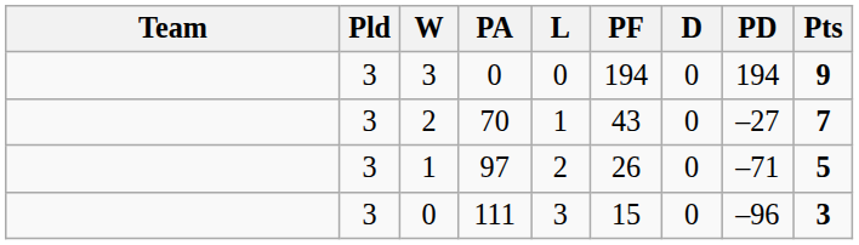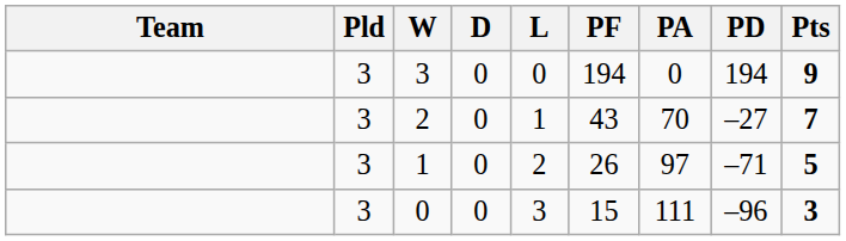 <table class="wikitable" style="text-align:center;">
 <tr>
 <th width=175>Team</th>
 <th width=25 abbr="Played">Pld</th>
 <th width=25 abbr="Won">W</th>
-<th width=32 abbr="Points against">PA</th>
+<th width=25 abbr="Drawn">D</th>
 <th width=25 abbr="Lost">L</th>
 <th width=32 abbr="Points for">PF</th>
-<th width=25 abbr="Drawn">D</th>
+<th width=32 abbr="Points against">PA</th>
 <th width=32 abbr="Points difference">PD</th>
 <th width=25 abbr="Points">Pts</th>
 </tr>
 <tr>
 <td align=left></td>
 <td>3</td>
 <td>3</td>
 <td>0</td>
 <td>0</td>
 <td>194</td>
 <td>0</td>
 <td>194</td>
 <td><strong>9</strong></td>
 </tr>
 <tr>
 <td align=left></td>
 <td>3</td>
 <td>2</td>
-<td>70</td>
+<td>0</td>
 <td>1</td>
 <td>43</td>
-<td>0</td>
+<td>70</td>
 <td>–27</td>
 <td><strong>7</strong></td>
 </tr>
 <tr>
 <td align=left></td>
 <td>3</td>
 <td>1</td>
-<td>97</td>
+<td>0</td>
 <td>2</td>
 <td>26</td>
-<td>0</td>
+<td>97</td>
 <td>–71</td>
 <td><strong>5</strong></td>
 </tr>
 <tr>
 <td align=left></td>
 <td>3</td>
 <td>0</td>
-<td>111</td>
+<td>0</td>
 <td>3</td>
 <td>15</td>
-<td>0</td>
+<td>111</td>
 <td>–96</td>
 <td><strong>3</strong></td>
 </tr>
 </table>
